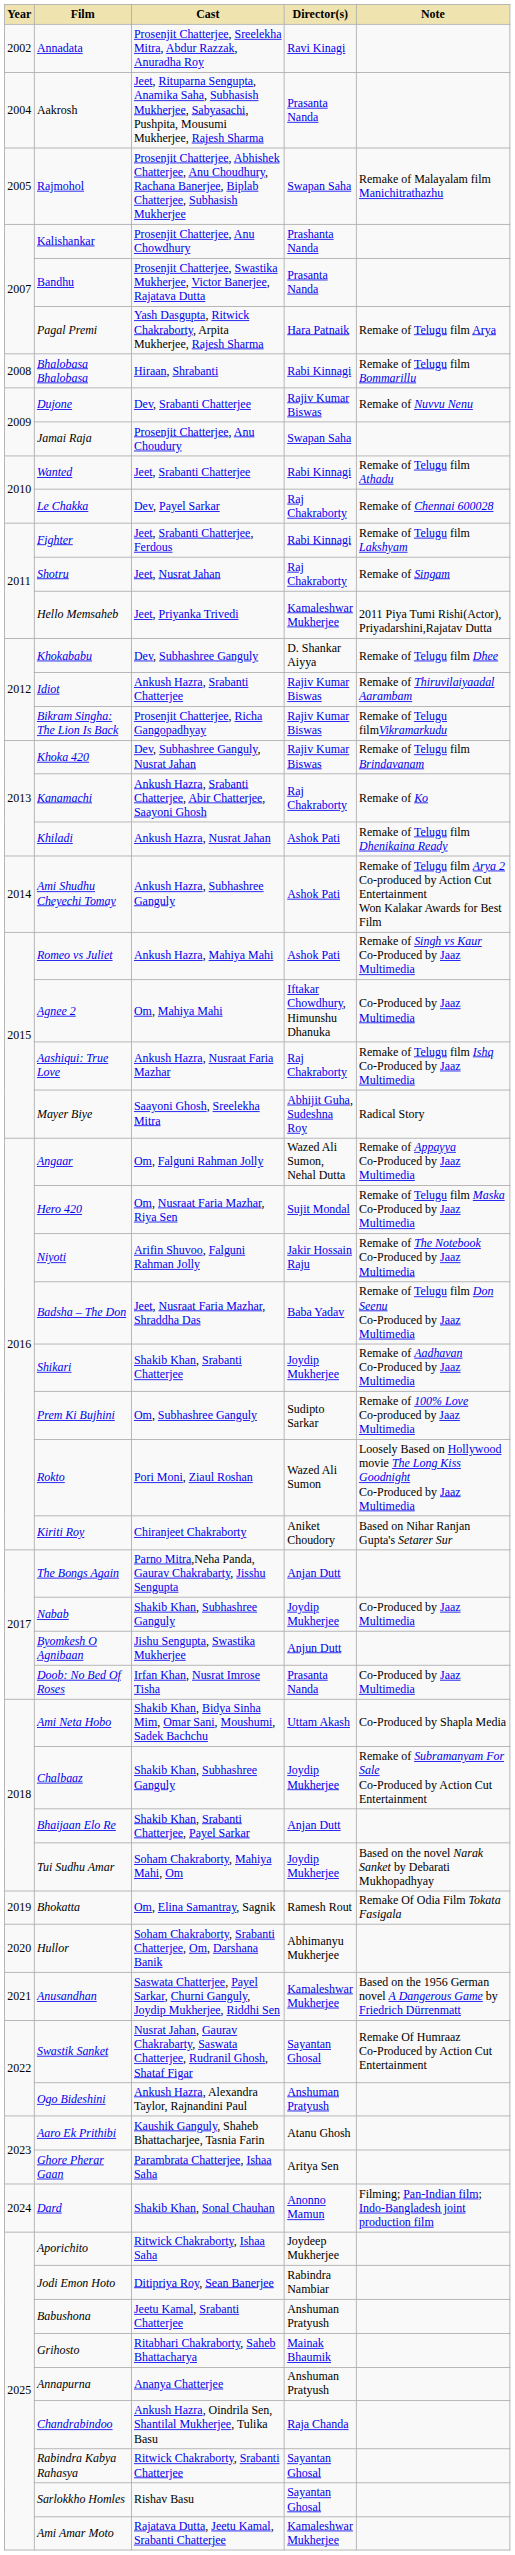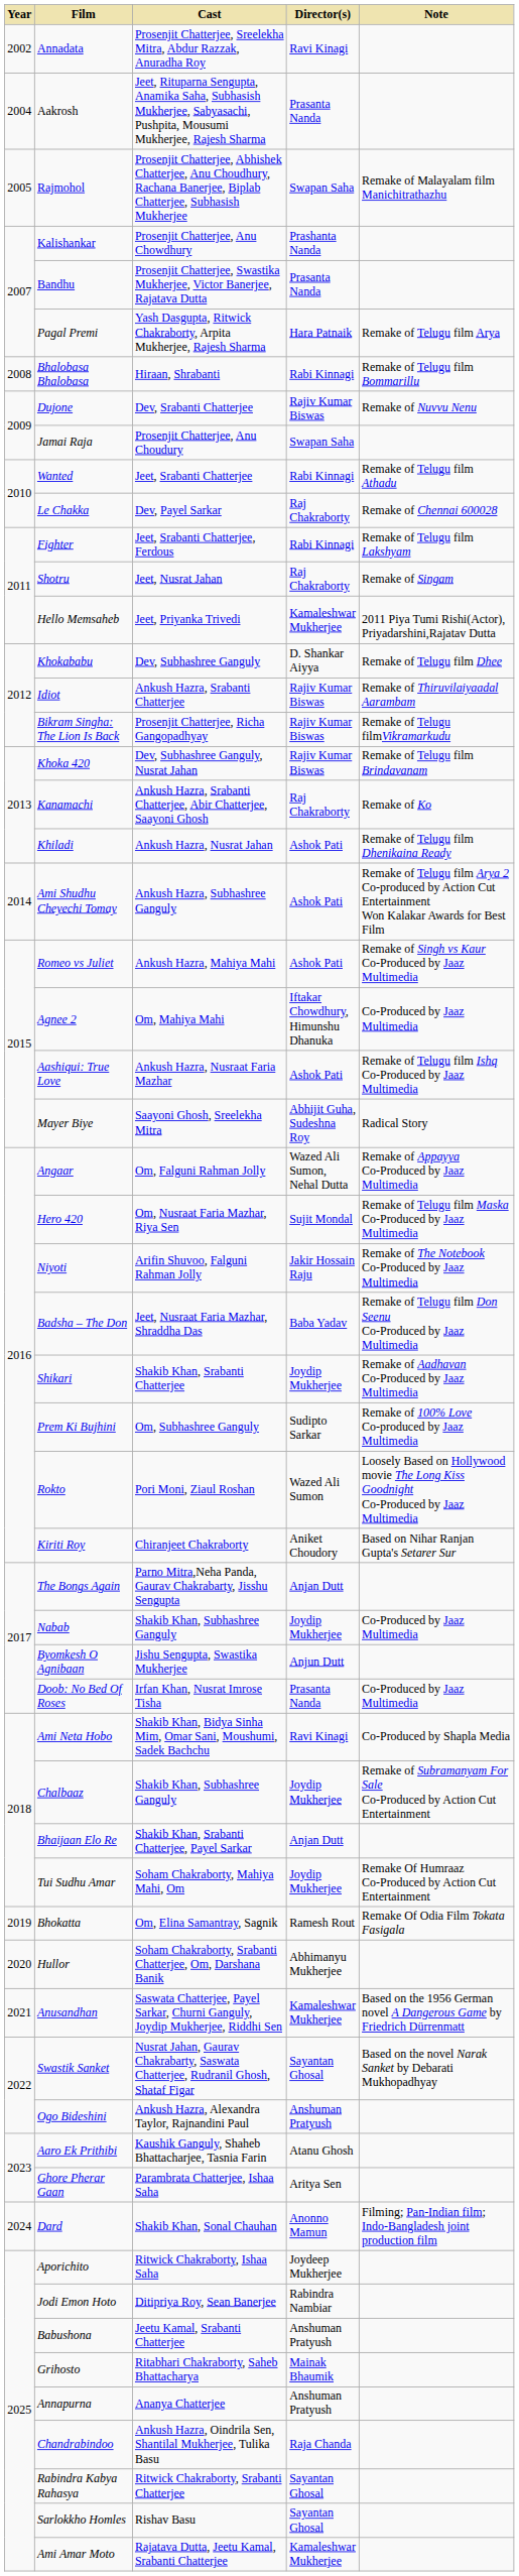 <table class="wikitable sortable" style="font-size:90%">
 <tr>
 <th scope="col" style="background-color:#EFE4B0;width:4%;">Year</th>
 <th scope="col" style="background-color:#EFE4B0;width:19%;">Film</th>
 <th scope="col" style="background-color:#EFE4B0;width:30%;" class="unsortable">Cast</th>
 <th scope="col" style="background-color:#EFE4B0;width:10%;">Director(s)</th>
 <th scope="col" style="background-color:#EFE4B0;width:30%;">Note</th>
 </tr>
 <tr>
 <td align="center">2002</td>
 <td><a href='#'>Annadata</a></td>
 <td><a href='#'>Prosenjit Chatterjee</a>, <a href='#'>Sreelekha Mitra</a>, <a href='#'>Abdur Razzak</a>, <a href='#'>Anuradha Roy</a></td>
 <td><a href='#'>Ravi Kinagi</a></td>
 <td></td>
 </tr>
 <tr>
 <td>2004</td>
 <td>Aakrosh</td>
 <td><a href='#'>Jeet</a>, <a href='#'>Rituparna Sengupta</a>, <a href='#'>Anamika Saha</a>, <a href='#'>Subhasish Mukherjee</a>, <a href='#'>Sabyasachi</a>, Pushpita, Mousumi Mukherjee, <a href='#'>Rajesh Sharma</a></td>
 <td><a href='#'>Prasanta Nanda</a></td>
 <td></td>
 </tr>
 <tr>
 <td>2005</td>
 <td><a href='#'>Rajmohol</a></td>
 <td><a href='#'>Prosenjit Chatterjee</a>, <a href='#'>Abhishek Chatterjee</a>, <a href='#'>Anu Choudhury</a>, <a href='#'>Rachana Banerjee</a>, <a href='#'>Biplab Chatterjee</a>, <a href='#'>Subhasish Mukherjee</a></td>
 <td><a href='#'>Swapan Saha</a></td>
 <td>Remake of Malayalam film <a href='#'>Manichitrathazhu</a></td>
 </tr>
 <tr>
 <td rowspan="3">2007</td>
 <td><a href='#'>Kalishankar</a></td>
 <td><a href='#'>Prosenjit Chatterjee</a>, <a href='#'>Anu Chowdhury</a></td>
 <td><a href='#'>Prashanta Nanda</a></td>
 <td></td>
 </tr>
 <tr>
 <td><a href='#'>Bandhu</a></td>
 <td><a href='#'>Prosenjit Chatterjee</a>, <a href='#'>Swastika Mukherjee</a>, <a href='#'>Victor Banerjee</a>, <a href='#'>Rajatava Dutta</a></td>
 <td><a href='#'>Prasanta Nanda</a></td>
 <td></td>
 </tr>
 <tr>
 <td><em>Pagal Premi</em></td>
 <td><a href='#'>Yash Dasgupta</a>, <a href='#'>Ritwick Chakraborty</a>, Arpita Mukherjee, <a href='#'>Rajesh Sharma</a></td>
 <td><a href='#'>Hara Patnaik</a></td>
 <td>Remake of <a href='#'>Telugu</a> film <a href='#'>Arya</a></td>
 </tr>
 <tr>
 <td>2008</td>
 <td><em><a href='#'>Bhalobasa Bhalobasa</a></em></td>
 <td><a href='#'>Hiraan</a>, <a href='#'>Shrabanti</a></td>
 <td><a href='#'>Rabi Kinnagi</a></td>
 <td>Remake of <a href='#'>Telugu</a> film <em><a href='#'>Bommarillu</a></em></td>
 </tr>
 <tr>
 <td rowspan="2" align="center">2009</td>
 <td><em><a href='#'>Dujone</a></em></td>
 <td><a href='#'>Dev</a>, <a href='#'>Srabanti Chatterjee</a></td>
 <td><a href='#'>Rajiv Kumar Biswas</a></td>
 <td>Remake of <em><a href='#'>Nuvvu Nenu</a></em></td>
 </tr>
 <tr>
 <td><em>Jamai Raja</em></td>
 <td><a href='#'>Prosenjit Chatterjee</a>, <a href='#'>Anu Choudury</a></td>
 <td><a href='#'>Swapan Saha</a></td>
 <td></td>
 </tr>
 <tr>
 <td rowspan="2">2010</td>
 <td><em><a href='#'>Wanted</a></em></td>
 <td><a href='#'>Jeet</a>, <a href='#'>Srabanti Chatterjee</a></td>
 <td><a href='#'>Rabi Kinnagi</a></td>
 <td>Remake of <a href='#'>Telugu</a> film <em><a href='#'>Athadu</a></em></td>
 </tr>
 <tr>
 <td><em><a href='#'>Le Chakka</a></em></td>
 <td><a href='#'>Dev</a>, <a href='#'>Payel Sarkar</a></td>
 <td><a href='#'>Raj Chakraborty</a></td>
 <td>Remake of <em><a href='#'>Chennai 600028</a></em></td>
 </tr>
 <tr>
 <td rowspan="3">2011</td>
 <td><em><a href='#'>Fighter</a></em></td>
 <td><a href='#'>Jeet</a>, <a href='#'>Srabanti Chatterjee</a>, <a href='#'>Ferdous</a></td>
 <td><a href='#'>Rabi Kinnagi</a></td>
 <td>Remake of <a href='#'>Telugu</a> film <em><a href='#'>Lakshyam</a></em></td>
 </tr>
 <tr>
 <td><em><a href='#'>Shotru</a></em></td>
 <td><a href='#'>Jeet</a>, <a href='#'>Nusrat Jahan</a></td>
 <td><a href='#'>Raj Chakraborty</a></td>
 <td>Remake of <em><a href='#'>Singam</a></em></td>
 </tr>
 <tr>
 <td><em>Hello Memsaheb</em></td>
 <td><a href='#'>Jeet</a>, <a href='#'>Priyanka Trivedi</a></td>
 <td><a href='#'>Kamaleshwar Mukherjee</a></td>
 <td><br>2011 Piya Tumi Rishi(Actor), Priyadarshini,Rajatav Dutta</td>
 </tr>
 <tr>
 <td rowspan="3" align="center">2012</td>
 <td><em><a href='#'>Khokababu</a></em></td>
 <td><a href='#'>Dev</a>, <a href='#'>Subhashree Ganguly</a></td>
 <td>D. Shankar Aiyya</td>
 <td>Remake of <a href='#'>Telugu</a> film <em><a href='#'>Dhee</a></em></td>
 </tr>
 <tr>
 <td><em><a href='#'>Idiot</a></em></td>
 <td><a href='#'>Ankush Hazra</a>, <a href='#'>Srabanti Chatterjee</a></td>
 <td><a href='#'>Rajiv Kumar Biswas</a></td>
 <td>Remake of <em><a href='#'>Thiruvilaiyaadal Aarambam</a></em></td>
 </tr>
 <tr>
 <td><em><a href='#'>Bikram Singha: The Lion Is Back</a></em></td>
 <td><a href='#'>Prosenjit Chatterjee</a>, <a href='#'>Richa Gangopadhyay</a></td>
 <td><a href='#'>Rajiv Kumar Biswas</a></td>
 <td>Remake of <a href='#'>Telugu</a> film<em><a href='#'>Vikramarkudu</a></em></td>
 </tr>
 <tr>
 <td rowspan="3" align="center">2013</td>
 <td><em><a href='#'>Khoka 420</a></em></td>
 <td><a href='#'>Dev</a>, <a href='#'>Subhashree Ganguly</a>, <a href='#'>Nusrat Jahan</a></td>
 <td><a href='#'>Rajiv Kumar Biswas</a></td>
 <td>Remake of <a href='#'>Telugu</a> film <em><a href='#'>Brindavanam</a></em></td>
 </tr>
 <tr>
 <td><em><a href='#'>Kanamachi</a></em></td>
 <td><a href='#'>Ankush Hazra</a>, <a href='#'>Srabanti Chatterjee</a>, <a href='#'>Abir Chatterjee</a>, <a href='#'>Saayoni Ghosh</a></td>
 <td><a href='#'>Raj Chakraborty</a></td>
 <td>Remake of <em><a href='#'>Ko</a></em></td>
 </tr>
 <tr>
 <td><em><a href='#'>Khiladi</a></em></td>
 <td><a href='#'>Ankush Hazra</a>, <a href='#'>Nusrat Jahan</a></td>
 <td><a href='#'>Ashok Pati</a></td>
 <td>Remake of <a href='#'>Telugu</a> film <em><a href='#'>Dhenikaina Ready</a></em></td>
 </tr>
 <tr>
 <td>2014</td>
 <td><em><a href='#'>Ami Shudhu Cheyechi Tomay</a></em></td>
 <td><a href='#'>Ankush Hazra</a>, <a href='#'>Subhashree Ganguly</a></td>
 <td><a href='#'>Ashok Pati</a></td>
 <td>Remake of <a href='#'>Telugu</a> film <em><a href='#'>Arya 2</a></em><br>Co-produced by Action Cut Entertainment<br>Won Kalakar Awards for Best Film</td>
 </tr>
 <tr>
 <td rowspan="4" align="center">2015</td>
 <td><em><a href='#'>Romeo vs Juliet</a></em></td>
 <td><a href='#'>Ankush Hazra</a>, <a href='#'>Mahiya Mahi</a></td>
 <td><a href='#'>Ashok Pati</a></td>
 <td>Remake of <em><a href='#'>Singh vs Kaur</a></em><br>Co-Produced by <a href='#'>Jaaz Multimedia</a></td>
 </tr>
 <tr>
 <td><em><a href='#'>Agnee 2</a></em></td>
 <td><a href='#'>Om</a>, <a href='#'>Mahiya Mahi</a></td>
 <td><a href='#'>Iftakar Chowdhury</a>, Himunshu Dhanuka</td>
 <td>Co-Produced by <a href='#'>Jaaz Multimedia</a></td>
 </tr>
 <tr>
 <td><em><a href='#'>Aashiqui: True Love</a></em></td>
 <td><a href='#'>Ankush Hazra</a>, <a href='#'>Nusraat Faria Mazhar</a></td>
-<td><a href='#'>Raj Chakraborty</a></td>
+<td><a href='#'>Ashok Pati</a></td>
 <td>Remake of <a href='#'>Telugu</a> film <em><a href='#'>Ishq</a></em><br> Co-Produced by <a href='#'>Jaaz Multimedia</a></td>
 </tr>
 <tr>
 <td><em>Mayer Biye</em></td>
 <td><a href='#'>Saayoni Ghosh</a>, <a href='#'>Sreelekha Mitra</a></td>
 <td><a href='#'>Abhijit Guha</a>, <a href='#'>Sudeshna Roy</a></td>
 <td>Radical Story</td>
 </tr>
 <tr>
 <td rowspan="8" align="center">2016</td>
 <td><em><a href='#'>Angaar</a></em></td>
 <td><a href='#'>Om</a>, <a href='#'>Falguni Rahman Jolly</a></td>
 <td>Wazed Ali Sumon, Nehal Dutta</td>
 <td>Remake of <em><a href='#'>Appayya</a></em><br>Co-Produced by <a href='#'>Jaaz Multimedia</a></td>
 </tr>
 <tr>
 <td><em><a href='#'>Hero 420</a></em></td>
 <td><a href='#'>Om</a>, <a href='#'>Nusraat Faria Mazhar</a>, <a href='#'>Riya Sen</a></td>
 <td><a href='#'>Sujit Mondal</a></td>
 <td>Remake of <a href='#'>Telugu</a> film <em><a href='#'>Maska</a></em><br>Co-Produced by <a href='#'>Jaaz Multimedia</a></td>
 </tr>
 <tr>
 <td><em><a href='#'>Niyoti</a></em></td>
 <td><a href='#'>Arifin Shuvoo</a>, <a href='#'>Falguni Rahman Jolly</a></td>
 <td><a href='#'>Jakir Hossain Raju</a></td>
 <td>Remake of <em><a href='#'>The Notebook</a></em> <br> Co-Produced by <a href='#'>Jaaz Multimedia</a></td>
 </tr>
 <tr>
 <td><em><a href='#'>Badsha – The Don</a></em></td>
 <td><a href='#'>Jeet</a>, <a href='#'>Nusraat Faria Mazhar</a>, <a href='#'>Shraddha Das</a></td>
 <td><a href='#'>Baba Yadav</a></td>
 <td>Remake of <a href='#'>Telugu</a> film <em><a href='#'>Don Seenu</a></em><br>Co-Produced by <a href='#'>Jaaz Multimedia</a></td>
 </tr>
 <tr>
 <td><em><a href='#'>Shikari</a></em></td>
 <td><a href='#'>Shakib Khan</a>, <a href='#'>Srabanti Chatterjee</a></td>
 <td><a href='#'>Joydip Mukherjee</a></td>
 <td>Remake of <em><a href='#'>Aadhavan</a></em><br>Co-Produced by <a href='#'>Jaaz Multimedia</a></td>
 </tr>
 <tr>
 <td><em><a href='#'>Prem Ki Bujhini</a></em></td>
 <td><a href='#'>Om</a>, <a href='#'>Subhashree Ganguly</a></td>
 <td>Sudipto Sarkar</td>
 <td>Remake of <em><a href='#'>100% Love</a></em> <br> Co-produced by <a href='#'>Jaaz Multimedia</a></td>
 </tr>
 <tr>
 <td><em><a href='#'>Rokto</a></em></td>
 <td><a href='#'>Pori Moni</a>, <a href='#'>Ziaul Roshan</a></td>
 <td>Wazed Ali Sumon</td>
 <td>Loosely Based on <a href='#'>Hollywood</a> movie <em><a href='#'>The Long Kiss Goodnight</a></em> <br> Co-Produced by <a href='#'>Jaaz Multimedia</a></td>
 </tr>
 <tr>
 <td><em><a href='#'>Kiriti Roy</a></em></td>
 <td><a href='#'>Chiranjeet Chakraborty</a></td>
 <td>Aniket Choudory</td>
 <td>Based on Nihar Ranjan Gupta's <em>Setarer Sur</em></td>
 </tr>
 <tr>
 <td rowspan="4">2017</td>
 <td><em><a href='#'>The Bongs Again</a></em></td>
 <td><a href='#'>Parno Mitra</a>,Neha Panda, <a href='#'>Gaurav Chakrabarty</a>, <a href='#'>Jisshu Sengupta</a></td>
 <td><a href='#'>Anjan Dutt</a></td>
 <td></td>
 </tr>
 <tr>
 <td><em><a href='#'>Nabab</a></em></td>
 <td><a href='#'>Shakib Khan</a>, <a href='#'>Subhashree Ganguly</a></td>
 <td><a href='#'>Joydip Mukherjee</a></td>
 <td>Co-Produced by <a href='#'>Jaaz Multimedia</a></td>
 </tr>
 <tr>
 <td><em><a href='#'>Byomkesh O Agnibaan</a></em></td>
 <td><a href='#'>Jishu Sengupta</a>, <a href='#'>Swastika Mukherjee</a></td>
 <td><a href='#'>Anjun Dutt</a></td>
 <td></td>
 </tr>
 <tr>
 <td><em><a href='#'>Doob: No Bed Of Roses</a></em></td>
 <td><a href='#'>Irfan Khan</a>, <a href='#'>Nusrat Imrose Tisha</a></td>
 <td><a href='#'>Prasanta Nanda</a></td>
 <td>Co-Produced by <a href='#'>Jaaz Multimedia</a></td>
 </tr>
 <tr>
 <td rowspan="4" align="center">2018</td>
 <td><em><a href='#'>Ami Neta Hobo</a></em></td>
 <td><a href='#'>Shakib Khan</a>, <a href='#'>Bidya Sinha Mim</a>, <a href='#'>Omar Sani</a>, <a href='#'>Moushumi</a>, <a href='#'>Sadek Bachchu</a></td>
-<td><a href='#'>Uttam Akash</a></td>
+<td><a href='#'>Ravi Kinagi</a></td>
 <td>Co-Produced by Shapla Media</td>
 </tr>
 <tr>
 <td><em><a href='#'>Chalbaaz</a></em></td>
 <td><a href='#'>Shakib Khan</a>, <a href='#'>Subhashree Ganguly</a></td>
 <td><a href='#'>Joydip Mukherjee</a></td>
 <td>Remake of <em><a href='#'>Subramanyam For Sale</a></em> <br> Co-Produced by Action Cut Entertainment</td>
 </tr>
 <tr>
 <td><em><a href='#'>Bhaijaan Elo Re</a></em></td>
 <td><a href='#'>Shakib Khan</a>, <a href='#'>Srabanti Chatterjee</a>, <a href='#'>Payel Sarkar</a></td>
 <td><a href='#'>Anjan Dutt</a></td>
 <td></td>
 </tr>
 <tr>
 <td><em>Tui Sudhu Amar</em></td>
 <td><a href='#'>Soham Chakraborty</a>, <a href='#'>Mahiya Mahi</a>, <a href='#'>Om</a></td>
 <td><a href='#'>Joydip Mukherjee</a></td>
-<td>Based on the novel <em>Narak Sanket</em> by Debarati Mukhopadhyay</td>
+<td>Remake Of Humraaz<br>Co-Produced by Action Cut Entertainment</td>
 </tr>
 <tr>
 <td rowspan="1" align="center">2019</td>
 <td><em>Bhokatta</em></td>
 <td><a href='#'>Om</a>, <a href='#'>Elina Samantray</a>, Sagnik</td>
 <td>Ramesh Rout</td>
 <td>Remake Of Odia Film <em>Tokata Fasigala</em></td>
 </tr>
 <tr>
 <td rowspan="1" align="center">2020</td>
 <td><em>Hullor</em></td>
 <td><a href='#'>Soham Chakraborty</a>, <a href='#'>Srabanti Chatterjee</a>, <a href='#'>Om</a>, <a href='#'>Darshana Banik</a></td>
 <td>Abhimanyu Mukherjee</td>
 <td></td>
 </tr>
 <tr>
 <td rowspan="1" align="center">2021</td>
 <td><em><a href='#'>Anusandhan</a></em></td>
 <td><a href='#'>Saswata Chatterjee</a>, <a href='#'>Payel Sarkar</a>, <a href='#'>Churni Ganguly</a>, <a href='#'>Joydip Mukherjee</a>, <a href='#'>Riddhi Sen</a></td>
 <td><a href='#'>Kamaleshwar Mukherjee</a></td>
 <td>Based on the 1956 German novel <em><a href='#'>A Dangerous Game</a></em> by <a href='#'>Friedrich Dürrenmatt</a></td>
 </tr>
 <tr>
 <td rowspan="2" align="center">2022</td>
 <td><em><a href='#'>Swastik Sanket</a></em></td>
 <td><a href='#'>Nusrat Jahan</a>, <a href='#'>Gaurav Chakrabarty</a>, <a href='#'>Saswata Chatterjee</a>, <a href='#'>Rudranil Ghosh</a>, <a href='#'>Shataf Figar</a></td>
 <td><a href='#'>Sayantan Ghosal</a></td>
-<td>Remake Of Humraaz<br>Co-Produced by Action Cut Entertainment</td>
+<td>Based on the novel <em>Narak Sanket</em> by Debarati Mukhopadhyay</td>
 </tr>
 <tr>
 <td><em><a href='#'>Ogo Bideshini</a></em></td>
 <td><a href='#'>Ankush Hazra</a>, Alexandra Taylor, Rajnandini Paul</td>
 <td><a href='#'>Anshuman Pratyush</a></td>
 <td></td>
 </tr>
 <tr>
 <td rowspan="2" align="center">2023</td>
 <td><em><a href='#'>Aaro Ek Prithibi</a></em></td>
 <td><a href='#'>Kaushik Ganguly</a>, Shaheb Bhattacharjee, Tasnia Farin</td>
 <td>Atanu Ghosh</td>
 <td></td>
 </tr>
 <tr>
 <td><em><a href='#'>Ghore Pherar Gaan</a></em></td>
 <td><a href='#'>Parambrata Chatterjee</a>, <a href='#'>Ishaa Saha</a></td>
 <td>Aritya Sen</td>
 <td></td>
 </tr>
 <tr>
 <td>2024</td>
 <td><em><a href='#'>Dard</a></em></td>
 <td><a href='#'>Shakib Khan</a>, <a href='#'>Sonal Chauhan</a></td>
 <td><a href='#'>Anonno Mamun</a></td>
 <td>Filming; <a href='#'>Pan-Indian film</a>; <a href='#'>Indo-Bangladesh joint production film</a></td>
 </tr>
 <tr>
 <td rowspan="9" align="center">2025</td>
 <td><em>Aporichito</em></td>
 <td><a href='#'>Ritwick Chakraborty</a>, <a href='#'>Ishaa Saha</a></td>
 <td>Joydeep Mukherjee</td>
 <td></td>
 </tr>
 <tr>
 <td><em>Jodi Emon Hoto</em></td>
 <td><a href='#'>Ditipriya Roy</a>, <a href='#'>Sean Banerjee</a></td>
 <td>Rabindra Nambiar</td>
 <td></td>
 </tr>
 <tr>
 <td><em>Babushona</em></td>
 <td><a href='#'>Jeetu Kamal</a>, <a href='#'>Srabanti Chatterjee</a></td>
 <td>Anshuman Pratyush</td>
 <td></td>
 </tr>
 <tr>
 <td><em>Grihosto</em></td>
 <td><a href='#'>Ritabhari Chakraborty</a>, <a href='#'>Saheb Bhattacharya</a></td>
 <td><a href='#'>Mainak Bhaumik</a></td>
 <td></td>
 </tr>
 <tr>
 <td><em>Annapurna</em></td>
 <td><a href='#'>Ananya Chatterjee</a></td>
 <td>Anshuman Pratyush</td>
 <td></td>
 </tr>
 <tr>
 <td><em><a href='#'>Chandrabindoo</a></em></td>
 <td><a href='#'>Ankush Hazra</a>, Oindrila Sen, <a href='#'>Shantilal Mukherjee</a>, Tulika Basu</td>
 <td><a href='#'>Raja Chanda</a></td>
 <td></td>
 </tr>
 <tr>
 <td><em>Rabindra Kabya Rahasya</em></td>
 <td><a href='#'>Ritwick Chakraborty</a>, <a href='#'>Srabanti Chatterjee</a></td>
 <td><a href='#'>Sayantan Ghosal</a></td>
 <td></td>
 </tr>
 <tr>
 <td><em>Sarlokkho Homles</em></td>
 <td>Rishav Basu</td>
 <td><a href='#'>Sayantan Ghosal</a></td>
 <td></td>
 </tr>
 <tr>
 <td><em>Ami Amar Moto</em></td>
 <td><a href='#'>Rajatava Dutta</a>,  <a href='#'>Jeetu Kamal</a>, <a href='#'>Srabanti Chatterjee</a></td>
 <td><a href='#'>Kamaleshwar Mukherjee</a></td>
 <td></td>
 </tr>
 </table>
